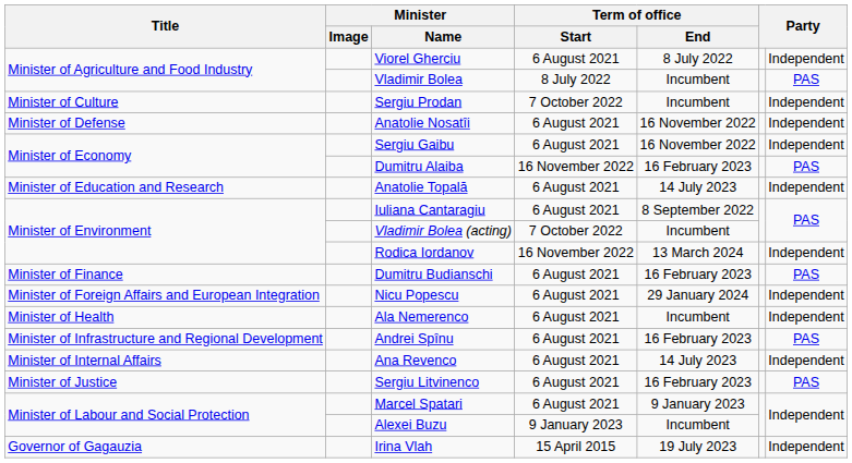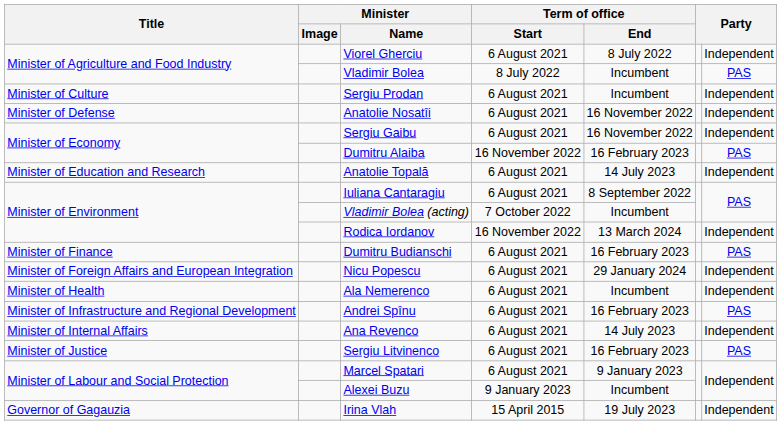 <table class="wikitable sortable" style="text-align:left">
 <tr>
 <th rowspan="2">Title</th>
 <th colspan="2">Minister</th>
 <th colspan="2">Term of office</th>
 <th rowspan="2" colspan="2">Party</th>
 </tr>
 <tr>
 <th class="unsortable">Image</th>
 <th>Name</th>
 <th data-sort-type=date>Start</th>
 <th data-sort-type=date>End</th>
 </tr>
 <tr>
 <td rowspan="2"><a href='#'>Minister of Agriculture and Food Industry</a></td>
 <td></td>
 <td><a href='#'>Viorel Gherciu</a></td>
 <td style="text-align:center">6 August 2021</td>
 <td style="text-align:center">8 July 2022</td>
 <td style="color:inherit;background:"></td>
 <td style="text-align:center">Independent</td>
 </tr>
 <tr>
 <td></td>
 <td><a href='#'>Vladimir Bolea</a></td>
 <td style="text-align:center">8 July 2022</td>
 <td style="text-align:center">Incumbent</td>
 <td style="color:inherit;background:"></td>
 <td style="text-align:center"><a href='#'>PAS</a></td>
 </tr>
 <tr>
 <td><a href='#'>Minister of Culture</a></td>
 <td></td>
 <td><a href='#'>Sergiu Prodan</a></td>
-<td style="text-align:center">7 October 2022</td>
+<td style="text-align:center">6 August 2021</td>
 <td style="text-align:center">Incumbent</td>
 <td style="color:inherit;background:"></td>
 <td style="text-align:center">Independent</td>
 </tr>
 <tr>
 <td><a href='#'>Minister of Defense</a></td>
 <td></td>
 <td><a href='#'>Anatolie Nosatîi</a></td>
 <td style="text-align:center">6 August 2021</td>
 <td style="text-align:center">16 November 2022</td>
 <td style="color:inherit;background:"></td>
 <td style="text-align:center">Independent</td>
 </tr>
 <tr>
 <td rowspan="2"><a href='#'>Minister of Economy</a></td>
 <td></td>
 <td><a href='#'>Sergiu Gaibu</a></td>
 <td style="text-align:center">6 August 2021</td>
 <td style="text-align:center">16 November 2022</td>
 <td style="color:inherit;background:"></td>
 <td style="text-align:center">Independent</td>
 </tr>
 <tr>
 <td></td>
 <td><a href='#'>Dumitru Alaiba</a></td>
 <td style="text-align:center">16 November 2022</td>
 <td style="text-align:center">16 February 2023</td>
 <td style="color:inherit;background:"></td>
 <td style="text-align:center"><a href='#'>PAS</a></td>
 </tr>
 <tr>
 <td><a href='#'>Minister of Education and Research</a></td>
 <td></td>
 <td><a href='#'>Anatolie Topală</a></td>
 <td style="text-align:center">6 August 2021</td>
 <td style="text-align:center">14 July 2023</td>
 <td style="color:inherit;background:"></td>
 <td style="text-align:center">Independent</td>
 </tr>
 <tr>
 <td rowspan="3"><a href='#'>Minister of Environment</a></td>
 <td></td>
 <td><a href='#'>Iuliana Cantaragiu</a></td>
 <td style="text-align:center">6 August 2021</td>
 <td style="text-align:center">8 September 2022</td>
 <td rowspan="2" style="color:inherit;background:"></td>
 <td rowspan="2" style="text-align:center"><a href='#'>PAS</a></td>
 </tr>
 <tr>
 <td></td>
 <td><em><a href='#'>Vladimir Bolea</a> (acting)</em></td>
 <td style="text-align:center">7 October 2022</td>
 <td style="text-align:center">Incumbent</td>
 </tr>
 <tr>
 <td></td>
 <td><a href='#'>Rodica Iordanov</a></td>
 <td style="text-align:center">16 November 2022</td>
 <td style="text-align:center">13 March 2024</td>
 <td style="color:inherit;background:"></td>
 <td style="text-align:center">Independent</td>
 </tr>
 <tr>
 <td><a href='#'>Minister of Finance</a></td>
 <td></td>
 <td><a href='#'>Dumitru Budianschi</a></td>
 <td style="text-align:center">6 August 2021</td>
 <td style="text-align:center">16 February 2023</td>
 <td style="color:inherit;background:"></td>
 <td style="text-align:center"><a href='#'>PAS</a></td>
 </tr>
 <tr>
 <td><a href='#'>Minister of Foreign Affairs and European Integration</a></td>
 <td></td>
 <td><a href='#'>Nicu Popescu</a></td>
 <td style="text-align:center">6 August 2021</td>
 <td style="text-align:center">29 January 2024</td>
 <td style="color:inherit;background:"></td>
 <td style="text-align:center">Independent</td>
 </tr>
 <tr>
 <td><a href='#'>Minister of Health</a></td>
 <td></td>
 <td><a href='#'>Ala Nemerenco</a></td>
 <td style="text-align:center">6 August 2021</td>
 <td style="text-align:center">Incumbent</td>
 <td style="color:inherit;background:"></td>
 <td style="text-align:center">Independent</td>
 </tr>
 <tr>
 <td><a href='#'>Minister of Infrastructure and Regional Development</a></td>
 <td></td>
 <td><a href='#'>Andrei Spînu</a></td>
 <td style="text-align:center">6 August 2021</td>
 <td style="text-align:center">16 February 2023</td>
 <td style="color:inherit;background:"></td>
 <td style="text-align:center"><a href='#'>PAS</a></td>
 </tr>
 <tr>
 <td><a href='#'>Minister of Internal Affairs</a></td>
 <td></td>
 <td><a href='#'>Ana Revenco</a></td>
 <td style="text-align:center">6 August 2021</td>
 <td style="text-align:center">14 July 2023</td>
 <td style="color:inherit;background:"></td>
 <td style="text-align:center">Independent</td>
 </tr>
 <tr>
 <td><a href='#'>Minister of Justice</a></td>
 <td></td>
 <td><a href='#'>Sergiu Litvinenco</a></td>
 <td style="text-align:center">6 August 2021</td>
 <td style="text-align:center">16 February 2023</td>
 <td style="color:inherit;background:"></td>
 <td style="text-align:center"><a href='#'>PAS</a></td>
 </tr>
 <tr>
 <td rowspan="2"><a href='#'>Minister of Labour and Social Protection</a></td>
 <td></td>
 <td><a href='#'>Marcel Spatari</a></td>
 <td style="text-align:center">6 August 2021</td>
 <td style="text-align:center">9 January 2023</td>
 <td rowspan="2" style="color:inherit;background:"></td>
 <td rowspan="2" style="text-align:center">Independent</td>
 </tr>
 <tr>
 <td></td>
 <td><a href='#'>Alexei Buzu</a></td>
 <td style="text-align:center">9 January 2023</td>
 <td style="text-align:center">Incumbent</td>
 </tr>
 <tr>
 <td><a href='#'>Governor of Gagauzia</a></td>
 <td></td>
 <td><a href='#'>Irina Vlah</a></td>
 <td style="text-align:center">15 April 2015</td>
 <td style="text-align:center">19 July 2023</td>
 <td style="color:inherit;background:"></td>
 <td style="text-align:center">Independent</td>
 </tr>
 </table>
